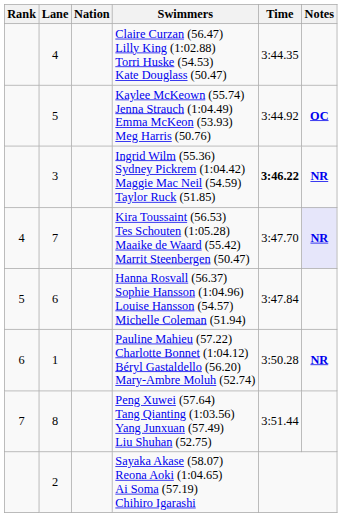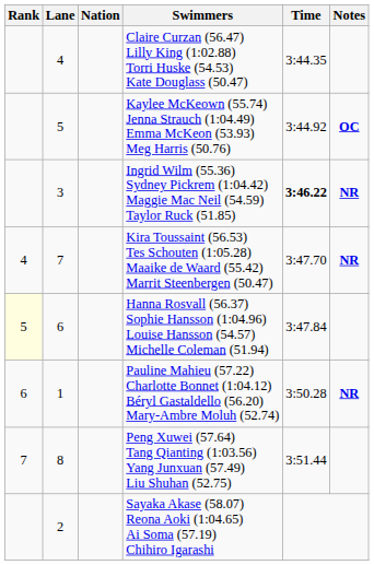 <table class="wikitable sortable" style="text-align:center">
 <tr>
 <th>Rank</th>
 <th>Lane</th>
 <th>Nation</th>
 <th>Swimmers</th>
 <th>Time</th>
 <th>Notes</th>
 </tr>
 <tr>
 <td></td>
 <td>4</td>
 <td align=left></td>
 <td align=left><a href='#'>Claire Curzan</a> (56.47)<br><a href='#'>Lilly King</a> (1:02.88)<br><a href='#'>Torri Huske</a> (54.53)<br><a href='#'>Kate Douglass</a> (50.47)</td>
 <td>3:44.35</td>
 <td></td>
 </tr>
 <tr>
 <td></td>
 <td>5</td>
 <td align=left></td>
 <td align=left><a href='#'>Kaylee McKeown</a> (55.74)<br><a href='#'>Jenna Strauch</a> (1:04.49)<br><a href='#'>Emma McKeon</a> (53.93)<br><a href='#'>Meg Harris</a> (50.76)</td>
 <td>3:44.92</td>
 <td><strong><a href='#'>OC</a></strong></td>
 </tr>
 <tr>
 <td></td>
 <td>3</td>
 <td align=left></td>
 <td align=left><a href='#'>Ingrid Wilm</a> (55.36)<br><a href='#'>Sydney Pickrem</a> (1:04.42)<br><a href='#'>Maggie Mac Neil</a> (54.59)<br><a href='#'>Taylor Ruck</a> (51.85)</td>
 <td><strong>3:46.22</strong></td>
 <td><strong><a href='#'>NR</a></strong></td>
 </tr>
 <tr>
 <td>4</td>
 <td>7</td>
 <td align=left></td>
 <td align=left><a href='#'>Kira Toussaint</a> (56.53)<br><a href='#'>Tes Schouten</a> (1:05.28)<br><a href='#'>Maaike de Waard</a> (55.42)<br><a href='#'>Marrit Steenbergen</a> (50.47)</td>
 <td>3:47.70</td>
-<td style="background: lavender;"><strong><a href='#'>NR</a></strong></td>
+<td><strong><a href='#'>NR</a></strong></td>
 </tr>
 <tr>
-<td>5</td>
+<td style="background: lightyellow;">5</td>
 <td>6</td>
 <td align=left></td>
 <td align=left><a href='#'>Hanna Rosvall</a> (56.37)<br><a href='#'>Sophie Hansson</a> (1:04.96)<br><a href='#'>Louise Hansson</a> (54.57)<br><a href='#'>Michelle Coleman</a> (51.94)</td>
 <td>3:47.84</td>
 <td></td>
 </tr>
 <tr>
 <td>6</td>
 <td>1</td>
 <td align=left></td>
 <td align=left><a href='#'>Pauline Mahieu</a> (57.22)<br><a href='#'>Charlotte Bonnet</a> (1:04.12)<br><a href='#'>Béryl Gastaldello</a> (56.20)<br><a href='#'>Mary-Ambre Moluh</a> (52.74)</td>
 <td>3:50.28</td>
 <td><strong><a href='#'>NR</a></strong></td>
 </tr>
 <tr>
 <td>7</td>
 <td>8</td>
 <td align=left></td>
 <td align=left><a href='#'>Peng Xuwei</a> (57.64)<br><a href='#'>Tang Qianting</a> (1:03.56)<br><a href='#'>Yang Junxuan</a> (57.49)<br><a href='#'>Liu Shuhan</a> (52.75)</td>
 <td>3:51.44</td>
 <td></td>
 </tr>
 <tr>
 <td></td>
 <td>2</td>
 <td align=left></td>
 <td align=left><a href='#'>Sayaka Akase</a> (58.07)<br><a href='#'>Reona Aoki</a> (1:04.65)<br><a href='#'>Ai Soma</a> (57.19)<br><a href='#'>Chihiro Igarashi</a></td>
 <td colspan=2></td>
 </tr>
 </table>
